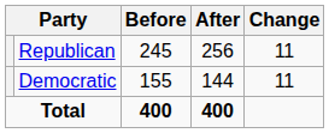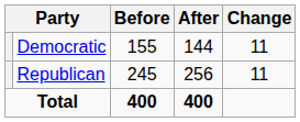 <table class="wikitable" style="text-align:center;">
 <tr>
 <th colspan="2">Party</th>
 <th>Before</th>
 <th>After</th>
 <th>Change</th>
 </tr>
 <tr>
 <th style="background-color:"></th>
-<td style="text-align:left;"><a href='#'>Republican</a></td>
-<td>245</td>
-<td>256</td>
+<td style="text-align:left;"><a href='#'>Democratic</a></td>
+<td>155</td>
+<td>144</td>
 <td> 11</td>
 </tr>
 <tr>
 <th style="background-color:"></th>
-<td style="text-align:left;"><a href='#'>Democratic</a></td>
-<td>155</td>
-<td>144</td>
+<td style="text-align:left;"><a href='#'>Republican</a></td>
+<td>245</td>
+<td>256</td>
 <td> 11</td>
 </tr>
 <tr>
 <td colspan="2"><strong>Total</strong></td>
 <td><strong>400</strong></td>
 <td><strong>400</strong></td>
 <td></td>
 </tr>
 </table>
